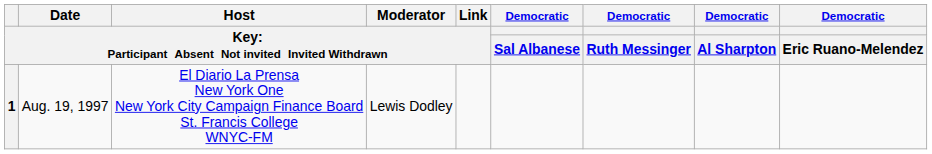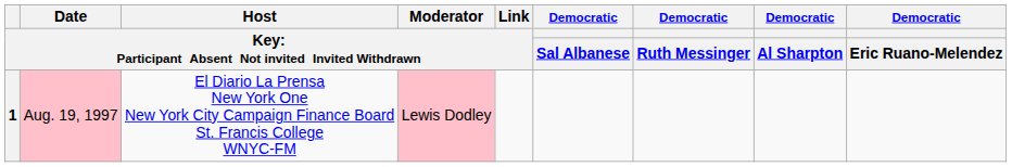 <table class="wikitable" style="text-align:center;">
 <tr>
 <th scope="col"></th>
 <th scope="col">Date</th>
 <th scope="col">Host</th>
 <th scope="col">Moderator</th>
 <th scope="col">Link</th>
 <th scope="col"><small><a href='#'>Democratic</a></small></th>
 <th scope="col"><small><a href='#'>Democratic</a></small></th>
 <th scope="col"><small><a href='#'>Democratic</a></small></th>
 <th scope="col"><small><a href='#'>Democratic</a></small></th>
 </tr>
 <tr>
 <th colspan="5" rowspan="2">Key:<br> <small>Participant </small>  <small>Absent </small>  <small>Not invited </small>  <small>Invited  Withdrawn</small></th>
 <th scope="col" style="background:"></th>
 <th scope="col" style="background:"></th>
 <th scope="col" style="background:"></th>
 <th scope="col" style="background:"></th>
 </tr>
 <tr>
 <th scope="col"><a href='#'>Sal Albanese</a></th>
 <th scope="col"><a href='#'>Ruth Messinger</a></th>
 <th scope="col"><a href='#'>Al Sharpton</a></th>
 <th scope="col">Eric Ruano-Melendez</th>
 </tr>
 <tr>
 <th>1</th>
-<td style="white-space:nowrap;">Aug. 19, 1997</td>
+<td style="background: pink; white-space:nowrap;">Aug. 19, 1997</td>
 <td style="white-space:nowrap;"><a href='#'>El Diario La Prensa</a><br><a href='#'>New York One</a><br><a href='#'>New York City Campaign Finance Board</a><br><a href='#'>St. Francis College</a><br><a href='#'>WNYC-FM</a></td>
-<td style="white-space:nowrap;">Lewis Dodley</td>
+<td style="background: pink; white-space:nowrap;">Lewis Dodley</td>
 <td style="white-space:nowrap;"></td>
 <td></td>
 <td></td>
 <td></td>
 <td></td>
 </tr>
 </table>
